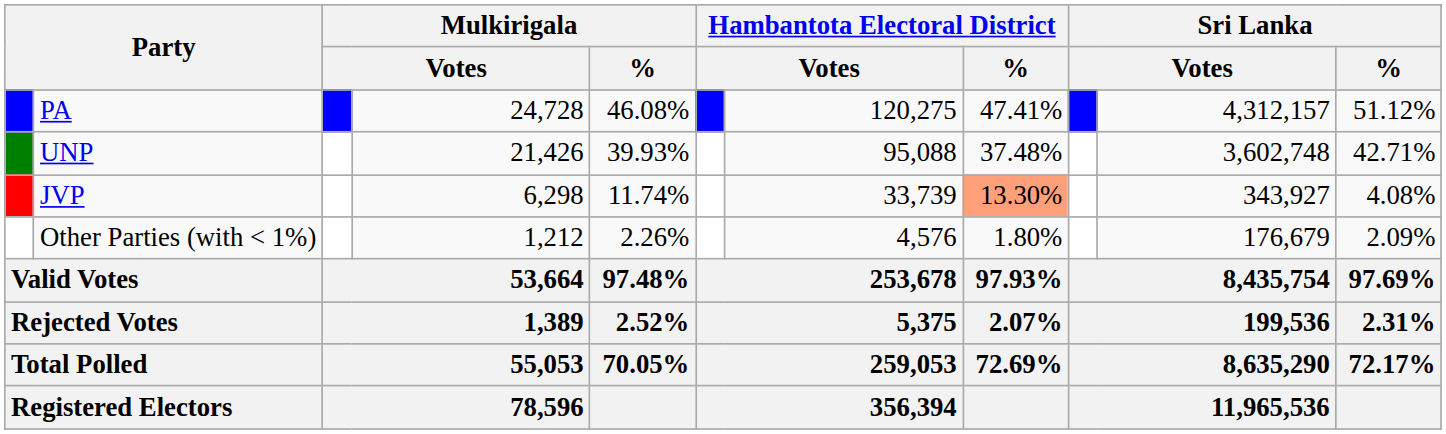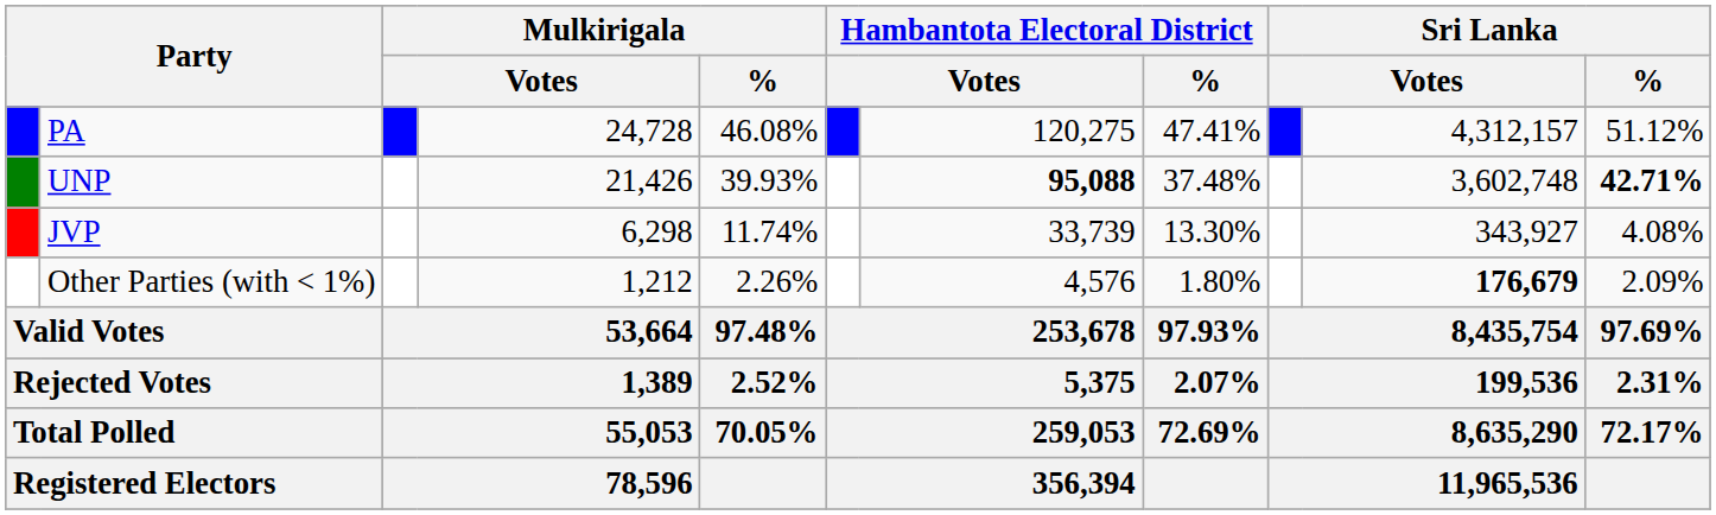 <table class="wikitable">
 <tr>
 <th colspan="2" width="144px"rowspan="2">Party</th>
 <th colspan="3" width="216px">Mulkirigala</th>
 <th colspan="3" width="216px"><a href='#'>Hambantota Electoral District</a></th>
 <th colspan="3" width="216px">Sri Lanka</th>
 </tr>
 <tr>
 <th colspan="2" width="144px">Votes</th>
 <th>%</th>
 <th colspan="2" width="144px">Votes</th>
 <th>%</th>
 <th colspan="2" width="144px">Votes</th>
 <th>%</th>
 </tr>
 <tr>
 <td style="background-color:blue;" width="10px"></td>
 <td style="text-align:left;"><a href='#'>PA</a></td>
 <td style="background-color:blue;" width="10px"></td>
 <td style="text-align:right;">24,728</td>
 <td style="text-align:right;">46.08%</td>
 <td style="background-color:blue;" width="10px"></td>
 <td style="text-align:right;">120,275</td>
 <td style="text-align:right;">47.41%</td>
 <td style="background-color:blue;" width="10px"></td>
 <td style="text-align:right;">4,312,157</td>
 <td style="text-align:right;">51.12%</td>
 </tr>
 <tr>
 <td style="background-color:green;" width="10px"></td>
 <td style="text-align:left;"><a href='#'>UNP</a></td>
 <td style="background-color:white;" width="10px"></td>
 <td style="text-align:right;">21,426</td>
 <td style="text-align:right;">39.93%</td>
 <td style="background-color:white;" width="10px"></td>
-<td style="text-align:right;">95,088</td>
+<td style="text-align:right;"><strong>95,088</strong></td>
 <td style="text-align:right;">37.48%</td>
 <td style="background-color:white;" width="10px"></td>
 <td style="text-align:right;">3,602,748</td>
-<td style="text-align:right;">42.71%</td>
+<td style="text-align:right;"><strong>42.71%</strong></td>
 </tr>
 <tr>
 <td style="background-color:red;" width="10px"></td>
 <td style="text-align:left;"><a href='#'>JVP</a></td>
 <td style="background-color:white;" width="10px"></td>
 <td style="text-align:right;">6,298</td>
 <td style="text-align:right;">11.74%</td>
 <td style="background-color:white;" width="10px"></td>
 <td style="text-align:right;">33,739</td>
-<td style="background: lightsalmon; text-align:right;">13.30%</td>
+<td style="text-align:right;">13.30%</td>
 <td style="background-color:white;" width="10px"></td>
 <td style="text-align:right;">343,927</td>
 <td style="text-align:right;">4.08%</td>
 </tr>
 <tr>
 <td style="background-color:white;" width="10px"></td>
 <td style="text-align:left;">Other Parties (with < 1%)</td>
 <td style="background-color:white;" width="10px"></td>
 <td style="text-align:right;">1,212</td>
 <td style="text-align:right;">2.26%</td>
 <td style="background-color:white;" width="10px"></td>
 <td style="text-align:right;">4,576</td>
 <td style="text-align:right;">1.80%</td>
 <td style="background-color:white;" width="10px"></td>
-<td style="text-align:right;">176,679</td>
+<td style="text-align:right;"><strong>176,679</strong></td>
 <td style="text-align:right;">2.09%</td>
 </tr>
 <tr>
 <th colspan="2" width="144px"style="text-align:left;">Valid Votes</th>
 <th style="text-align:right;"colspan="2" width="144px">53,664</th>
 <th style="text-align:right;">97.48%</th>
 <th style="text-align:right;"colspan="2" width="144px">253,678</th>
 <th style="text-align:right;">97.93%</th>
 <th style="text-align:right;"colspan="2" width="144px">8,435,754</th>
 <th style="text-align:right;">97.69%</th>
 </tr>
 <tr>
 <th colspan="2" width="144px"style="text-align:left;">Rejected Votes</th>
 <th style="text-align:right;"colspan="2" width="144px">1,389</th>
 <th style="text-align:right;">2.52%</th>
 <th style="text-align:right;"colspan="2" width="144px">5,375</th>
 <th style="text-align:right;">2.07%</th>
 <th style="text-align:right;"colspan="2" width="144px">199,536</th>
 <th style="text-align:right;">2.31%</th>
 </tr>
 <tr>
 <th colspan="2" width="144px"style="text-align:left;">Total Polled</th>
 <th style="text-align:right;"colspan="2" width="144px">55,053</th>
 <th style="text-align:right;">70.05%</th>
 <th style="text-align:right;"colspan="2" width="144px">259,053</th>
 <th style="text-align:right;">72.69%</th>
 <th style="text-align:right;"colspan="2" width="144px">8,635,290</th>
 <th style="text-align:right;">72.17%</th>
 </tr>
 <tr>
 <th colspan="2" width="144px"style="text-align:left;">Registered Electors</th>
 <th style="text-align:right;"colspan="2" width="144px">78,596</th>
 <th></th>
 <th style="text-align:right;"colspan="2" width="144px">356,394</th>
 <th></th>
 <th style="text-align:right;"colspan="2" width="144px">11,965,536</th>
 <th></th>
 </tr>
 </table>
